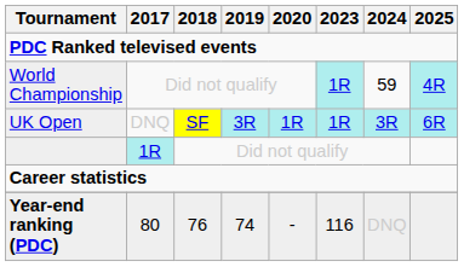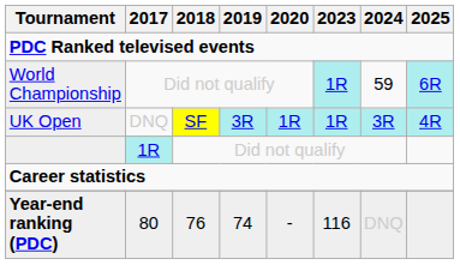 <table class="wikitable" style="width:20%; margin:0">
 <tr>
 <th>Tournament</th>
 <th>2017</th>
 <th>2018</th>
 <th>2019</th>
 <th>2020</th>
 <th>2023</th>
 <th>2024</th>
 <th>2025</th>
 </tr>
 <tr>
 <td colspan="16" style="text-align:left"><strong><a href='#'>PDC</a> Ranked televised events</strong></td>
 </tr>
 <tr>
 <td style="background:#efefef;"><a href='#'>World Championship</a></td>
 <td colspan="4" style="text-align:center; color:#ccc;">Did not qualify</td>
 <td style="text-align:center; background:#afeeee;"><a href='#'>1R</a></td>
 <td style="text-align:center;">59</td>
-<td style="text-align:center; background:#afeeee;"><a href='#'>4R</a></td>
+<td style="text-align:center; background:#afeeee;"><a href='#'>6R</a></td>
 </tr>
 <tr>
 <td style="background:#efefef;"><a href='#'>UK Open</a></td>
 <td style="text-align:center; color:#ccc;">DNQ</td>
 <td style="text-align:center; background:yellow;"><a href='#'>SF</a></td>
 <td style="text-align:center; background:#afeeee;"><a href='#'>3R</a></td>
 <td style="text-align:center; background:#afeeee;"><a href='#'>1R</a></td>
 <td style="text-align:center; background:#afeeee;"><a href='#'>1R</a></td>
 <td style="text-align:center; background:#afeeee;"><a href='#'>3R</a></td>
-<td style="text-align:center; background:#afeeee;"><a href='#'>6R</a></td>
+<td style="text-align:center; background:#afeeee;"><a href='#'>4R</a></td>
 </tr>
 <tr>
 <td style="background:#efefef;"></td>
 <td style="text-align:center; background:#afeeee;"><a href='#'>1R</a></td>
 <td colspan="5" style="text-align:center; color:#ccc;">Did not qualify</td>
 <td></td>
 </tr>
 <tr>
 <td colspan="15" style="text-align:left"><strong>Career statistics</strong></td>
 </tr>
 <tr>
 </tr>
 <tr style="background:#efefef">
 <td style="text-align:left"><strong>Year-end ranking (<a href='#'>PDC</a>)</strong></td>
 <td style="text-align:center;">80</td>
 <td style="text-align:center;">76</td>
 <td style="text-align:center;">74</td>
 <td style="text-align:center;">-</td>
 <td style="text-align:center;">116</td>
 <td style="text-align:center; color:#ccc;">DNQ</td>
 <td></td>
 </tr>
 </table>
